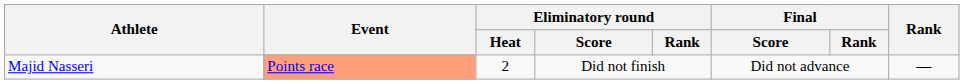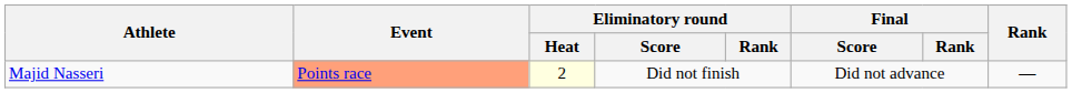 <table class="wikitable" width="72%" style="text-align:center; font-size:90%">
 <tr>
 <th rowspan="2" width="22%">Athlete</th>
 <th rowspan="2" width="18%">Event</th>
 <th colspan="3" width="20%">Eliminatory round</th>
 <th colspan="2" width="15%">Final</th>
 <th rowspan="2" width="6%">Rank</th>
 </tr>
 <tr>
 <th width="5%">Heat</th>
 <th width="10%">Score</th>
 <th>Rank</th>
 <th width="10%">Score</th>
 <th>Rank</th>
 </tr>
 <tr>
 <td align="left"><a href='#'>Majid Nasseri</a></td>
 <td align="left" style="background: lightsalmon;"><a href='#'>Points race</a></td>
-<td>2</td>
+<td style="background: lightyellow;">2</td>
 <td colspan=2>Did not finish</td>
 <td colspan=2>Did not advance</td>
 <td><strong>—</strong></td>
 </tr>
 </table>
